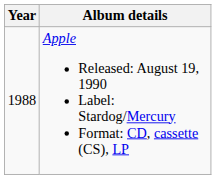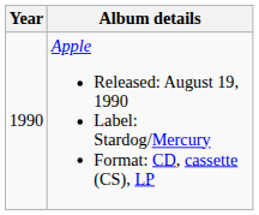 <table class="wikitable">
 <tr>
 <th>Year</th>
 <th width="185">Album details</th>
 </tr>
 <tr>
-<td>1988</td>
+<td>1990</td>
 <td><em><a href='#'>Apple</a></em><br><ul><li>Released: August 19, 1990</li><li>Label: Stardog/<a href='#'>Mercury</a></li><li>Format: <a href='#'>CD</a>, <a href='#'>cassette</a> (CS), <a href='#'>LP</a></li></ul></td>
 </tr>
 </table>
